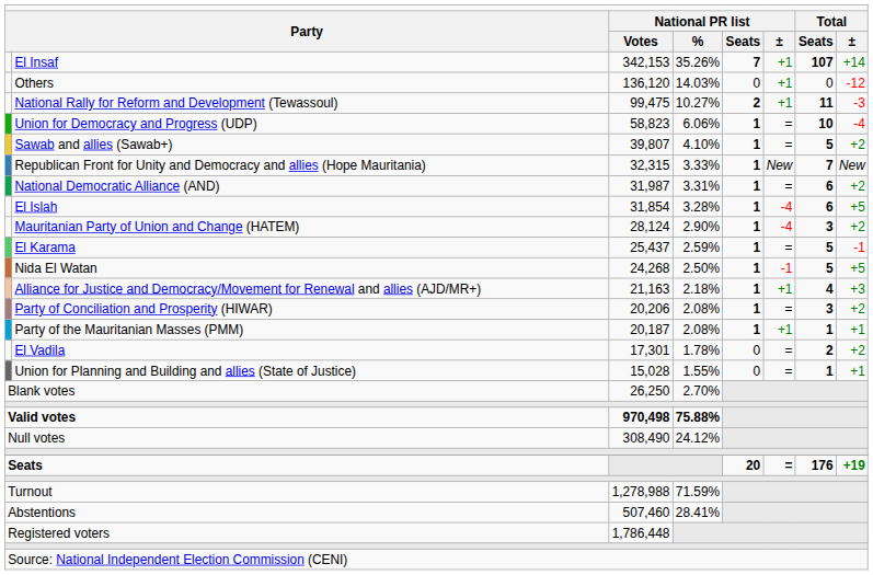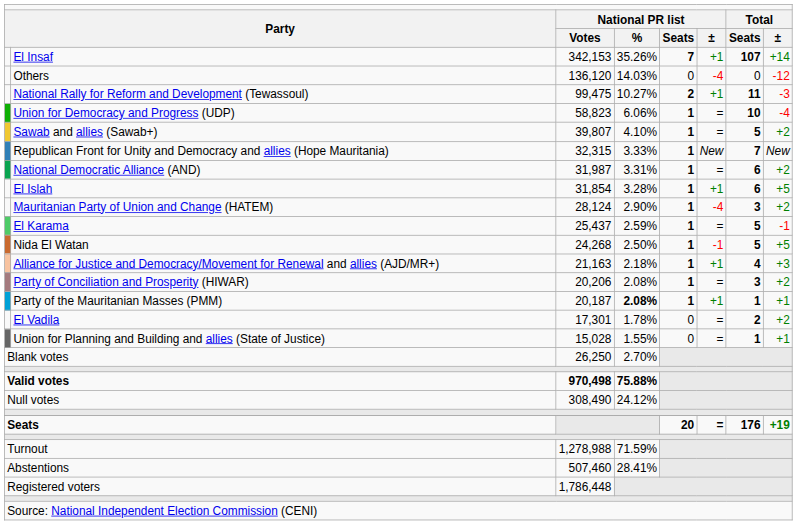 <table class="wikitable" style="text-align:right;font-size:95%;">
 <tr>
 <td colspan="8"></td>
 </tr>
 <tr>
 <th width="700" rowspan="2" colspan="2">Party</th>
 <th colspan="4">National PR list</th>
 <th colspan="3">Total</th>
 </tr>
 <tr>
 <th width="50">Votes</th>
 <th width="50">%</th>
 <th width="25">Seats</th>
 <th width="20">±</th>
 <th width="25">Seats</th>
 <th width="20">±</th>
 </tr>
 <tr>
 <td width="1" style="color:inherit;background:"></td>
 <td style="text-align:left;"><a href='#'>El Insaf</a></td>
 <td>342,153</td>
 <td>35.26%</td>
 <td><strong>7</strong></td>
 <td style="color:green;">+1</td>
 <td><strong>107</strong></td>
 <td style="color:green;">+14</td>
 </tr>
 <tr>
 <td width="1" style="color:inherit;background:"></td>
 <td style="text-align:left;">Others</td>
 <td>136,120</td>
 <td>14.03%</td>
 <td>0</td>
-<td style="color:green;">+1</td>
+<td style="color:red;">-4</td>
 <td>0</td>
 <td style="color:red;">-12</td>
 </tr>
 <tr>
 <td width="1" style="color:inherit;background:"></td>
 <td style="text-align:left;"><a href='#'>National Rally for Reform and Development</a> (Tewassoul)</td>
 <td>99,475</td>
 <td>10.27%</td>
 <td><strong>2</strong></td>
 <td style="color:green;">+1</td>
 <td><strong>11</strong></td>
 <td style="color:red;">-3</td>
 </tr>
 <tr>
 <td width="1" style="color:inherit;background:#0FAF05;"></td>
 <td style="text-align:left;"><a href='#'>Union for Democracy and Progress</a> (UDP)</td>
 <td>58,823</td>
 <td>6.06%</td>
 <td><strong>1</strong></td>
 <td>=</td>
 <td><strong>10</strong></td>
 <td style="color:red;">-4</td>
 </tr>
 <tr>
 <td width="1" style="color:inherit;background:#F0C832;"></td>
 <td style="text-align:left;"><a href='#'>Sawab</a> and <a href='#'>allies</a> (Sawab+)</td>
 <td>39,807</td>
 <td>4.10%</td>
 <td><strong>1</strong></td>
 <td>=</td>
 <td><strong>5</strong></td>
 <td style="color:green;">+2</td>
 </tr>
 <tr>
 <td width="1" style="color:inherit;background:#3080B7;"></td>
 <td style="text-align:left;">Republican Front for Unity and Democracy and <a href='#'>allies</a> (Hope Mauritania)</td>
 <td>32,315</td>
 <td>3.33%</td>
 <td><strong>1</strong></td>
 <td><em>New</em></td>
 <td><strong>7</strong></td>
 <td><em>New</em></td>
 </tr>
 <tr>
 <td width="1" style="color:inherit;background:#0AA450;"></td>
 <td style="text-align:left;"><a href='#'>National Democratic Alliance</a> (AND)</td>
 <td>31,987</td>
 <td>3.31%</td>
 <td><strong>1</strong></td>
 <td>=</td>
 <td><strong>6</strong></td>
 <td style="color:green;">+2</td>
 </tr>
 <tr>
 <td width="1" style="color:inherit;background:"></td>
 <td style="text-align:left;"><a href='#'>El Islah</a></td>
 <td>31,854</td>
 <td>3.28%</td>
 <td><strong>1</strong></td>
-<td style="color:red;">-4</td>
+<td style="color:green;">+1</td>
 <td><strong>6</strong></td>
 <td style="color:green;">+5</td>
 </tr>
 <tr>
 <td width="1" style="color:inherit;background:"></td>
 <td style="text-align:left;"><a href='#'>Mauritanian Party of Union and Change</a> (HATEM)</td>
 <td>28,124</td>
 <td>2.90%</td>
 <td><strong>1</strong></td>
 <td style="color:red;">-4</td>
 <td><strong>3</strong></td>
 <td style="color:green;">+2</td>
 </tr>
 <tr>
 <td width="1" style="color:inherit;background:#4FCB68;"></td>
 <td style="text-align:left;"><a href='#'>El Karama</a></td>
 <td>25,437</td>
 <td>2.59%</td>
 <td><strong>1</strong></td>
 <td>=</td>
 <td><strong>5</strong></td>
 <td style="color:red;">-1</td>
 </tr>
 <tr>
 <td width="1" style="color:inherit;background:#C96A2F;"></td>
 <td style="text-align:left;">Nida El Watan</td>
 <td>24,268</td>
 <td>2.50%</td>
 <td><strong>1</strong></td>
 <td style="color:red;">-1</td>
 <td><strong>5</strong></td>
 <td style="color:green;">+5</td>
 </tr>
 <tr>
 <td width="1" style="color:inherit;background:#F8C3A0;"></td>
 <td style="text-align:left;"><a href='#'>Alliance for Justice and Democracy/Movement for Renewal</a> and <a href='#'>allies</a> (AJD/MR+)</td>
 <td>21,163</td>
 <td>2.18%</td>
 <td><strong>1</strong></td>
 <td style="color:green;">+1</td>
 <td><strong>4</strong></td>
 <td style="color:green;">+3</td>
 </tr>
 <tr>
 <td width="1" style="color:inherit;background:#A47A7E;"></td>
 <td style="text-align:left;"><a href='#'>Party of Conciliation and Prosperity</a> (HIWAR)</td>
 <td>20,206</td>
 <td>2.08%</td>
 <td><strong>1</strong></td>
 <td>=</td>
 <td><strong>3</strong></td>
 <td style="color:green;">+2</td>
 </tr>
 <tr>
 <td width="1" style="color:inherit;background:#00A1D7;"></td>
 <td style="text-align:left;">Party of the Mauritanian Masses (PMM)</td>
 <td>20,187</td>
-<td>2.08%</td>
+<td><strong>2.08%</strong></td>
 <td><strong>1</strong></td>
 <td style="color:green;">+1</td>
 <td><strong>1</strong></td>
 <td style="color:green;">+1</td>
 </tr>
 <tr>
 <td width="1" style="color:inherit;background:"></td>
 <td style="text-align:left;"><a href='#'>El Vadila</a></td>
 <td>17,301</td>
 <td>1.78%</td>
 <td>0</td>
 <td>=</td>
 <td><strong>2</strong></td>
 <td style="color:green;">+2</td>
 </tr>
 <tr>
 <td width="1" style="color:inherit;background:#666666;"></td>
 <td style="text-align:left;">Union for Planning and Building and <a href='#'>allies</a> (State of Justice)</td>
 <td>15,028</td>
 <td>1.55%</td>
 <td>0</td>
 <td>=</td>
 <td><strong>1</strong></td>
 <td style="color:green;">+1</td>
 </tr>
 <tr>
 <td colspan="2" style="text-align:left;">Blank votes</td>
 <td>26,250</td>
 <td>2.70%</td>
 <td colspan="4" style="background:#E9E9E9;"></td>
 </tr>
 <tr>
 <td colspan="8" style="background:#E9E9E9;"></td>
 </tr>
 <tr style="font-weight:bold;">
 <td colspan="2" style="text-align:left;">Valid votes</td>
 <td>970,498</td>
 <td>75.88%</td>
 <td colspan="4" style="background:#E9E9E9;"></td>
 </tr>
 <tr>
 <td colspan="2" style="text-align:left;">Null votes</td>
 <td>308,490</td>
 <td>24.12%</td>
 <td colspan="4" style="background:#E9E9E9;"></td>
 </tr>
 <tr>
 <td colspan="8" style="background:#E9E9E9;"></td>
 </tr>
 <tr>
 </tr>
 <tr style="font-weight:bold;">
 <td colspan="2" style="text-align:left;">Seats</td>
 <td colspan="2" style="background:#E9E9E9;"></td>
 <td>20</td>
 <td>=</td>
 <td>176</td>
 <td style="color:green;">+19</td>
 </tr>
 <tr>
 <td colspan="8" style="background:#E9E9E9;"></td>
 </tr>
 <tr>
 <td colspan="2" style="text-align:left;">Turnout</td>
 <td>1,278,988</td>
 <td>71.59%</td>
 <td colspan="4" style="background:#E9E9E9;"></td>
 </tr>
 <tr>
 <td colspan="2" style="text-align:left;">Abstentions</td>
 <td>507,460</td>
 <td>28.41%</td>
 <td colspan="4" style="background:#E9E9E9;"></td>
 </tr>
 <tr>
 <td colspan="2" style="text-align:left;">Registered voters</td>
 <td>1,786,448</td>
 <td colspan="5" style="background:#E9E9E9;"></td>
 </tr>
 <tr>
 <td colspan="8" style="background:#E9E9E9;"></td>
 </tr>
 <tr>
 <td colspan="8" style="text-align:left;">Source: <a href='#'>National Independent Election Commission</a> (CENI)</td>
 </tr>
 </table>
